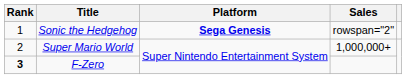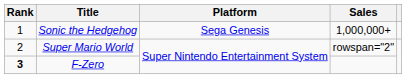 <table class="wikitable sortable" style="text-align:center">
 <tr>
 <th>Rank</th>
 <th>Title</th>
 <th>Platform</th>
 <th>Sales</th>
 <th></th>
 </tr>
 <tr>
 <td>1</td>
 <td><em><a href='#'>Sonic the Hedgehog</a></em></td>
-<td><strong><a href='#'>Sega Genesis</a></strong></td>
-<td>rowspan="2" </td>
+<td><a href='#'>Sega Genesis</a></td>
+<td>1,000,000+</td>
 <td></td>
 </tr>
 <tr>
 <td>2</td>
 <td><em><a href='#'>Super Mario World</a></em></td>
 <td rowspan="2"><a href='#'>Super Nintendo Entertainment System</a></td>
-<td>1,000,000+</td>
+<td>rowspan="2" </td>
 <td rowspan="2"></td>
 </tr>
 <tr>
 <td><strong>3</strong></td>
 <td><em><a href='#'>F-Zero</a></em></td>
 </tr>
 </table>
